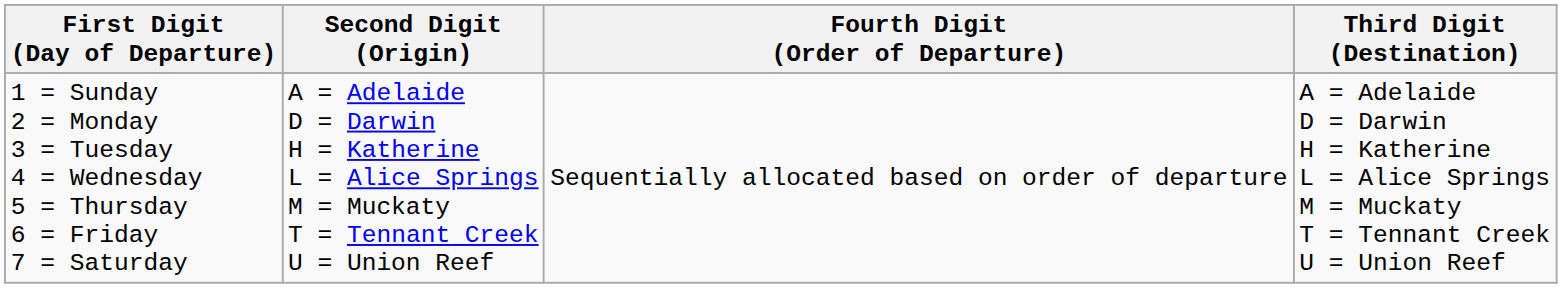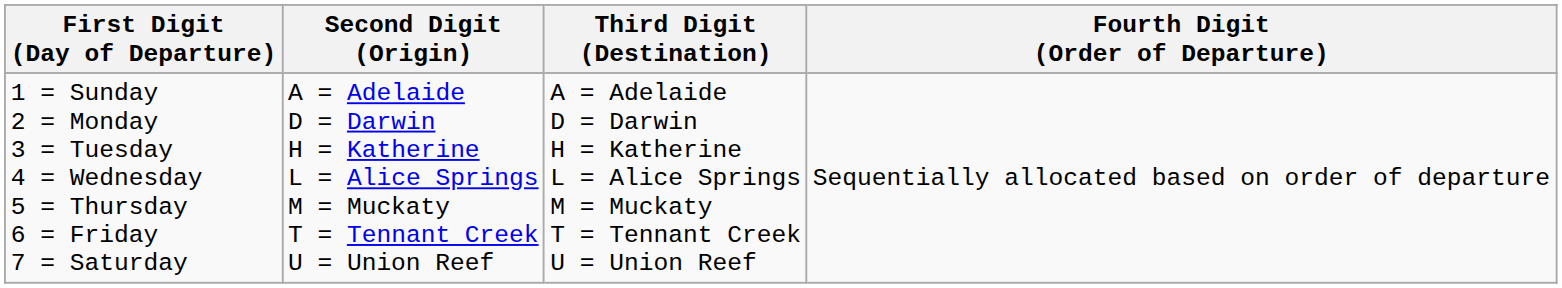 <table class="wikitable">
 <tr>
 <th>First Digit<br>(Day of Departure)</th>
 <th>Second Digit<br>(Origin)</th>
+<th>Third Digit<br>(Destination)</th>
 <th>Fourth Digit<br>(Order of Departure)</th>
-<th>Third Digit<br>(Destination)</th>
 </tr>
 <tr>
 <td>1 = Sunday<br>2 = Monday<br>3 = Tuesday<br>4 = Wednesday<br>5 = Thursday<br>6 = Friday<br>7 = Saturday</td>
 <td>A = <a href='#'>Adelaide</a><br>D = <a href='#'>Darwin</a><br>H = <a href='#'>Katherine</a><br>L = <a href='#'>Alice Springs</a><br>M = Muckaty<br>T = <a href='#'>Tennant Creek</a><br>U = Union Reef</td>
+<td>A = Adelaide<br>D = Darwin<br>H = Katherine<br>L = Alice Springs<br>M = Muckaty<br>T = Tennant Creek<br>U = Union Reef</td>
 <td>Sequentially allocated based on order of departure</td>
-<td>A = Adelaide<br>D = Darwin<br>H = Katherine<br>L = Alice Springs<br>M = Muckaty<br>T = Tennant Creek<br>U = Union Reef</td>
 </tr>
 </table>
